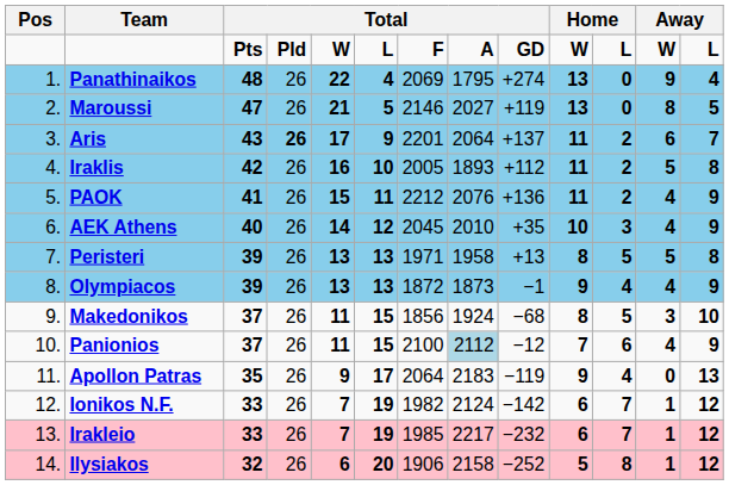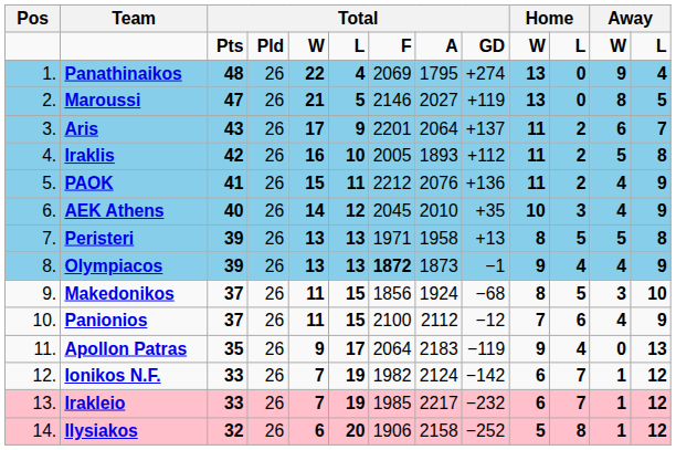 <table class="wikitable" style="text-align: right;">
 <tr>
 <th width="44">Pos</th>
 <th width="128">Team</th>
 <th colspan=7>Total</th>
 <th colspan=2>Home</th>
 <th colspan=2>Away</th>
 </tr>
 <tr>
 <td></td>
 <td></td>
 <td width="30"><strong>Pts</strong></td>
 <td width="30"><strong>Pld</strong></td>
 <td width="30"><strong>W</strong></td>
 <td width="30"><strong>L</strong></td>
 <td width="30"><strong>F</strong></td>
 <td width="30"><strong>A</strong></td>
 <td width="30"><strong>GD</strong></td>
 <td width="30"><strong>W</strong></td>
 <td width="30"><strong>L</strong></td>
 <td width="30"><strong>W</strong></td>
 <td width="30"><strong>L</strong></td>
 </tr>
 <tr bgcolor="87ceeb">
 <td>1.</td>
 <td align="left"><strong><a href='#'>Panathinaikos</a></strong></td>
 <td><strong>48</strong></td>
 <td>26</td>
 <td><strong>22</strong></td>
 <td><strong>4</strong></td>
 <td>2069</td>
 <td>1795</td>
 <td>+274</td>
 <td><strong>13</strong></td>
 <td><strong>0</strong></td>
 <td><strong>9</strong></td>
 <td><strong>4</strong></td>
 </tr>
 <tr bgcolor="87ceeb">
 <td>2.</td>
 <td align="left"><strong><a href='#'>Maroussi</a></strong></td>
 <td><strong>47</strong></td>
 <td>26</td>
 <td><strong>21</strong></td>
 <td><strong>5</strong></td>
 <td>2146</td>
 <td>2027</td>
 <td>+119</td>
 <td><strong>13</strong></td>
 <td><strong>0</strong></td>
 <td><strong>8</strong></td>
 <td><strong>5</strong></td>
 </tr>
 <tr bgcolor="87ceeb">
 <td>3.</td>
 <td align="left"><strong><a href='#'>Aris</a></strong></td>
 <td><strong>43</strong></td>
-<td><strong>26</strong></td>
+<td>26</td>
 <td><strong>17</strong></td>
 <td><strong>9</strong></td>
 <td>2201</td>
 <td>2064</td>
 <td>+137</td>
 <td><strong>11</strong></td>
 <td><strong>2</strong></td>
 <td><strong>6</strong></td>
 <td><strong>7</strong></td>
 </tr>
 <tr bgcolor="87ceeb">
 <td>4.</td>
 <td align="left"><strong><a href='#'>Iraklis</a></strong></td>
 <td><strong>42</strong></td>
 <td>26</td>
 <td><strong>16</strong></td>
 <td><strong>10</strong></td>
 <td>2005</td>
 <td>1893</td>
 <td>+112</td>
 <td><strong>11</strong></td>
 <td><strong>2</strong></td>
 <td><strong>5</strong></td>
 <td><strong>8</strong></td>
 </tr>
 <tr bgcolor="87ceeb">
 <td>5.</td>
 <td align="left"><strong><a href='#'>PAOK</a></strong></td>
 <td><strong>41</strong></td>
 <td>26</td>
 <td><strong>15</strong></td>
 <td><strong>11</strong></td>
 <td>2212</td>
 <td>2076</td>
 <td>+136</td>
 <td><strong>11</strong></td>
 <td><strong>2</strong></td>
 <td><strong>4</strong></td>
 <td><strong>9</strong></td>
 </tr>
 <tr bgcolor="87ceeb">
 <td>6.</td>
 <td align="left"><strong><a href='#'>AEK Athens</a></strong></td>
 <td><strong>40</strong></td>
 <td>26</td>
 <td><strong>14</strong></td>
 <td><strong>12</strong></td>
 <td>2045</td>
 <td>2010</td>
 <td>+35</td>
 <td><strong>10</strong></td>
 <td><strong>3</strong></td>
 <td><strong>4</strong></td>
 <td><strong>9</strong></td>
 </tr>
 <tr bgcolor="87ceeb">
 <td>7.</td>
 <td align="left"><strong><a href='#'>Peristeri</a></strong></td>
 <td><strong>39</strong></td>
 <td>26</td>
 <td><strong>13</strong></td>
 <td><strong>13</strong></td>
 <td>1971</td>
 <td>1958</td>
 <td>+13</td>
 <td><strong>8</strong></td>
 <td><strong>5</strong></td>
 <td><strong>5</strong></td>
 <td><strong>8</strong></td>
 </tr>
 <tr bgcolor="87ceeb">
 <td>8.</td>
 <td align="left"><strong><a href='#'>Olympiacos</a></strong></td>
 <td><strong>39</strong></td>
 <td>26</td>
 <td><strong>13</strong></td>
 <td><strong>13</strong></td>
-<td>1872</td>
+<td><strong>1872</strong></td>
 <td>1873</td>
 <td>−1</td>
 <td><strong>9</strong></td>
 <td><strong>4</strong></td>
 <td><strong>4</strong></td>
 <td><strong>9</strong></td>
 </tr>
 <tr>
 <td>9.</td>
 <td align="left"><strong><a href='#'>Makedonikos</a></strong></td>
 <td><strong>37</strong></td>
 <td>26</td>
 <td><strong>11</strong></td>
 <td><strong>15</strong></td>
 <td>1856</td>
 <td>1924</td>
 <td>−68</td>
 <td><strong>8</strong></td>
 <td><strong>5</strong></td>
 <td><strong>3</strong></td>
 <td><strong>10</strong></td>
 </tr>
 <tr>
 <td>10.</td>
 <td align="left"><strong><a href='#'>Panionios</a></strong></td>
 <td><strong>37</strong></td>
 <td>26</td>
 <td><strong>11</strong></td>
 <td><strong>15</strong></td>
 <td>2100</td>
-<td style="background: lightblue;">2112</td>
+<td>2112</td>
 <td>−12</td>
 <td><strong>7</strong></td>
 <td><strong>6</strong></td>
 <td><strong>4</strong></td>
 <td><strong>9</strong></td>
 </tr>
 <tr>
 <td>11.</td>
 <td align="left"><strong><a href='#'>Apollon Patras</a></strong></td>
 <td><strong>35</strong></td>
 <td>26</td>
 <td><strong>9</strong></td>
 <td><strong>17</strong></td>
 <td>2064</td>
 <td>2183</td>
 <td>−119</td>
 <td><strong>9</strong></td>
 <td><strong>4</strong></td>
 <td><strong>0</strong></td>
 <td><strong>13</strong></td>
 </tr>
 <tr>
 <td>12.</td>
 <td align="left"><strong><a href='#'>Ionikos N.F.</a></strong></td>
 <td><strong>33</strong></td>
 <td>26</td>
 <td><strong>7</strong></td>
 <td><strong>19</strong></td>
 <td>1982</td>
 <td>2124</td>
 <td>−142</td>
 <td><strong>6</strong></td>
 <td><strong>7</strong></td>
 <td><strong>1</strong></td>
 <td><strong>12</strong></td>
 </tr>
 <tr bgcolor="ffc0cb">
 <td>13.</td>
 <td align="left"><strong><a href='#'>Irakleio</a></strong></td>
 <td><strong>33</strong></td>
 <td>26</td>
 <td><strong>7</strong></td>
 <td><strong>19</strong></td>
 <td>1985</td>
 <td>2217</td>
 <td>−232</td>
 <td><strong>6</strong></td>
 <td><strong>7</strong></td>
 <td><strong>1</strong></td>
 <td><strong>12</strong></td>
 </tr>
 <tr bgcolor="ffc0cb">
 <td>14.</td>
 <td align="left"><strong><a href='#'>Ilysiakos</a></strong></td>
 <td><strong>32</strong></td>
 <td>26</td>
 <td><strong>6</strong></td>
 <td><strong>20</strong></td>
 <td>1906</td>
 <td>2158</td>
 <td>−252</td>
 <td><strong>5</strong></td>
 <td><strong>8</strong></td>
 <td><strong>1</strong></td>
 <td><strong>12</strong></td>
 </tr>
 </table>
